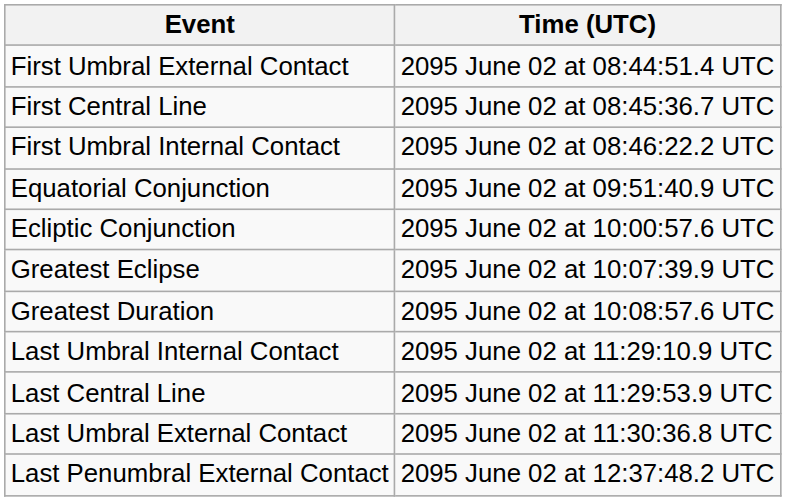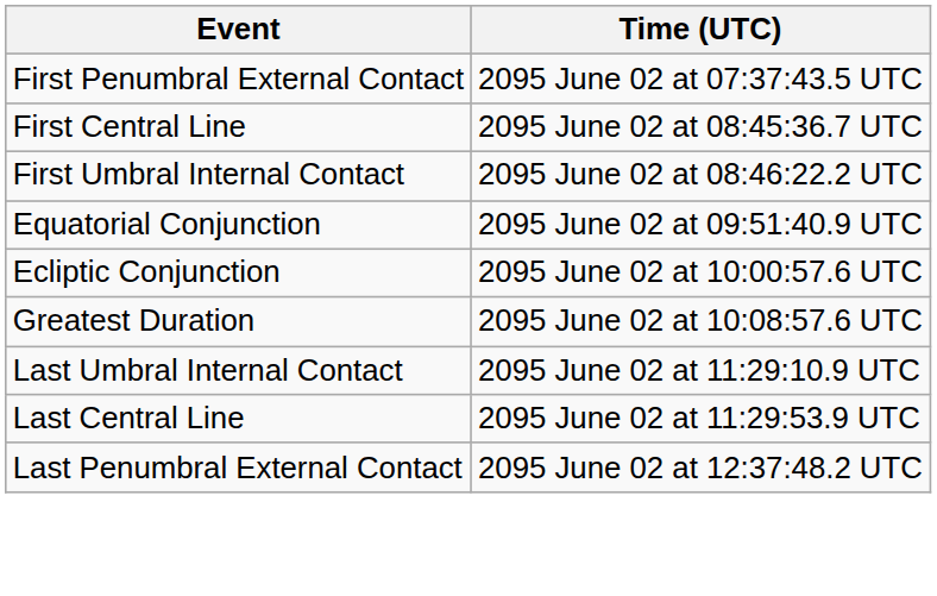 <table class="wikitable">
 <tr>
 <th>Event</th>
 <th>Time (UTC)</th>
 </tr>
 <tr>
-<td>First Umbral External Contact</td>
-<td>2095 June 02 at 08:44:51.4 UTC</td>
+<td>First Penumbral External Contact</td>
+<td>2095 June 02 at 07:37:43.5 UTC</td>
 </tr>
 <tr>
 <td>First Central Line</td>
 <td>2095 June 02 at 08:45:36.7 UTC</td>
 </tr>
 <tr>
 <td>First Umbral Internal Contact</td>
 <td>2095 June 02 at 08:46:22.2 UTC</td>
 </tr>
 <tr>
 <td>Equatorial Conjunction</td>
 <td>2095 June 02 at 09:51:40.9 UTC</td>
 </tr>
 <tr>
 <td>Ecliptic Conjunction</td>
 <td>2095 June 02 at 10:00:57.6 UTC</td>
 </tr>
 <tr>
-<td>Greatest Eclipse</td>
-<td>2095 June 02 at 10:07:39.9 UTC</td>
-</tr>
-<tr>
 <td>Greatest Duration</td>
 <td>2095 June 02 at 10:08:57.6 UTC</td>
 </tr>
 <tr>
 <td>Last Umbral Internal Contact</td>
 <td>2095 June 02 at 11:29:10.9 UTC</td>
 </tr>
 <tr>
 <td>Last Central Line</td>
 <td>2095 June 02 at 11:29:53.9 UTC</td>
 </tr>
 <tr>
-<td>Last Umbral External Contact</td>
-<td>2095 June 02 at 11:30:36.8 UTC</td>
-</tr>
-<tr>
 <td>Last Penumbral External Contact</td>
 <td>2095 June 02 at 12:37:48.2 UTC</td>
 </tr>
 </table>
